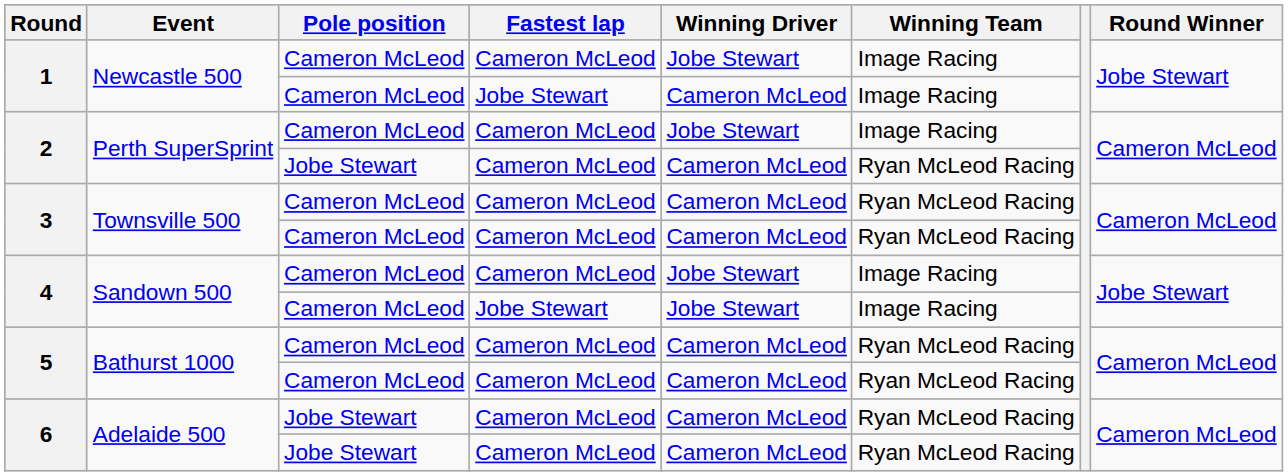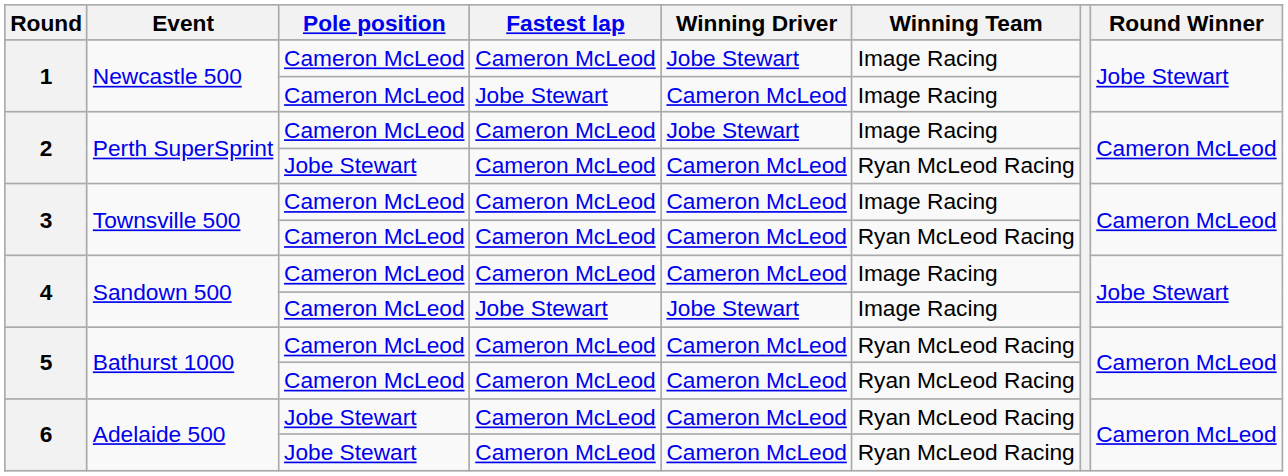 <table class="wikitable" style="font-size: 85%">
 <tr>
 <th>Round</th>
 <th>Event</th>
 <th><a href='#'>Pole position</a></th>
 <th><a href='#'>Fastest lap</a></th>
 <th>Winning Driver</th>
 <th>Winning Team</th>
 <th rowspan=13></th>
 <th>Round Winner</th>
 </tr>
 <tr>
 <th rowspan=2 align="center">1</th>
 <td rowspan=2> <a href='#'>Newcastle 500</a></td>
 <td> <a href='#'>Cameron McLeod</a></td>
 <td> <a href='#'>Cameron McLeod</a></td>
 <td> <a href='#'>Jobe Stewart</a></td>
 <td>Image Racing</td>
 <td rowspan=2> <a href='#'>Jobe Stewart</a></td>
 </tr>
 <tr>
 <td> <a href='#'>Cameron McLeod</a></td>
 <td> <a href='#'>Jobe Stewart</a></td>
 <td> <a href='#'>Cameron McLeod</a></td>
 <td>Image Racing</td>
 </tr>
 <tr>
 <th rowspan=2 align="center">2</th>
 <td rowspan=2> <a href='#'>Perth SuperSprint</a></td>
 <td> <a href='#'>Cameron McLeod</a></td>
 <td> <a href='#'>Cameron McLeod</a></td>
 <td> <a href='#'>Jobe Stewart</a></td>
 <td>Image Racing</td>
 <td rowspan=2> <a href='#'>Cameron McLeod</a></td>
 </tr>
 <tr>
 <td> <a href='#'>Jobe Stewart</a></td>
 <td> <a href='#'>Cameron McLeod</a></td>
 <td> <a href='#'>Cameron McLeod</a></td>
 <td>Ryan McLeod Racing</td>
 </tr>
 <tr>
 <th rowspan=2 align="center">3</th>
 <td rowspan=2> <a href='#'>Townsville 500</a></td>
 <td> <a href='#'>Cameron McLeod</a></td>
 <td> <a href='#'>Cameron McLeod</a></td>
 <td> <a href='#'>Cameron McLeod</a></td>
-<td>Ryan McLeod Racing</td>
+<td>Image Racing</td>
 <td rowspan=2> <a href='#'>Cameron McLeod</a></td>
 </tr>
 <tr>
 <td> <a href='#'>Cameron McLeod</a></td>
 <td> <a href='#'>Cameron McLeod</a></td>
 <td> <a href='#'>Cameron McLeod</a></td>
 <td>Ryan McLeod Racing</td>
 </tr>
 <tr>
 <th rowspan=2 align="center">4</th>
 <td rowspan=2> <a href='#'>Sandown 500</a></td>
 <td> <a href='#'>Cameron McLeod</a></td>
 <td> <a href='#'>Cameron McLeod</a></td>
-<td> <a href='#'>Jobe Stewart</a></td>
+<td> <a href='#'>Cameron McLeod</a></td>
 <td>Image Racing</td>
 <td rowspan=2> <a href='#'>Jobe Stewart</a></td>
 </tr>
 <tr>
 <td> <a href='#'>Cameron McLeod</a></td>
 <td> <a href='#'>Jobe Stewart</a></td>
 <td> <a href='#'>Jobe Stewart</a></td>
 <td>Image Racing</td>
 </tr>
 <tr>
 <th rowspan=2 align="center">5</th>
 <td rowspan=2> <a href='#'>Bathurst 1000</a></td>
 <td> <a href='#'>Cameron McLeod</a></td>
 <td> <a href='#'>Cameron McLeod</a></td>
 <td> <a href='#'>Cameron McLeod</a></td>
 <td>Ryan McLeod Racing</td>
 <td rowspan=2> <a href='#'>Cameron McLeod</a></td>
 </tr>
 <tr>
 <td> <a href='#'>Cameron McLeod</a></td>
 <td> <a href='#'>Cameron McLeod</a></td>
 <td> <a href='#'>Cameron McLeod</a></td>
 <td>Ryan McLeod Racing</td>
 </tr>
 <tr>
 <th rowspan=2 align="center">6</th>
 <td rowspan=2> <a href='#'>Adelaide 500</a></td>
 <td> <a href='#'>Jobe Stewart</a></td>
 <td> <a href='#'>Cameron McLeod</a></td>
 <td> <a href='#'>Cameron McLeod</a></td>
 <td>Ryan McLeod Racing</td>
 <td rowspan=2> <a href='#'>Cameron McLeod</a></td>
 </tr>
 <tr>
 <td> <a href='#'>Jobe Stewart</a></td>
 <td> <a href='#'>Cameron McLeod</a></td>
 <td> <a href='#'>Cameron McLeod</a></td>
 <td>Ryan McLeod Racing</td>
 </tr>
 </table>
